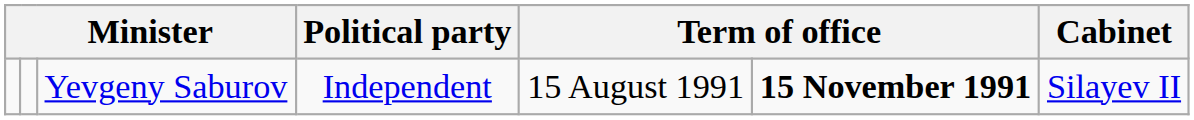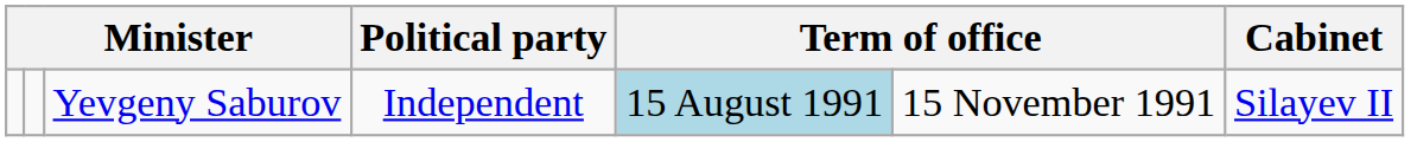 <table class="wikitable" style="text-align:center;">
 <tr>
 <th colspan=3>Minister</th>
 <th>Political party</th>
 <th colspan=2>Term of office</th>
 <th>Cabinet</th>
 </tr>
 <tr>
 <td style="background: "></td>
 <td></td>
 <td><a href='#'>Yevgeny Saburov</a></td>
 <td><a href='#'>Independent</a></td>
-<td>15 August 1991</td>
-<td><strong>15 November 1991</strong></td>
+<td style="background: lightblue;">15 August 1991</td>
+<td>15 November 1991</td>
 <td><a href='#'>Silayev II</a></td>
 </tr>
 </table>
